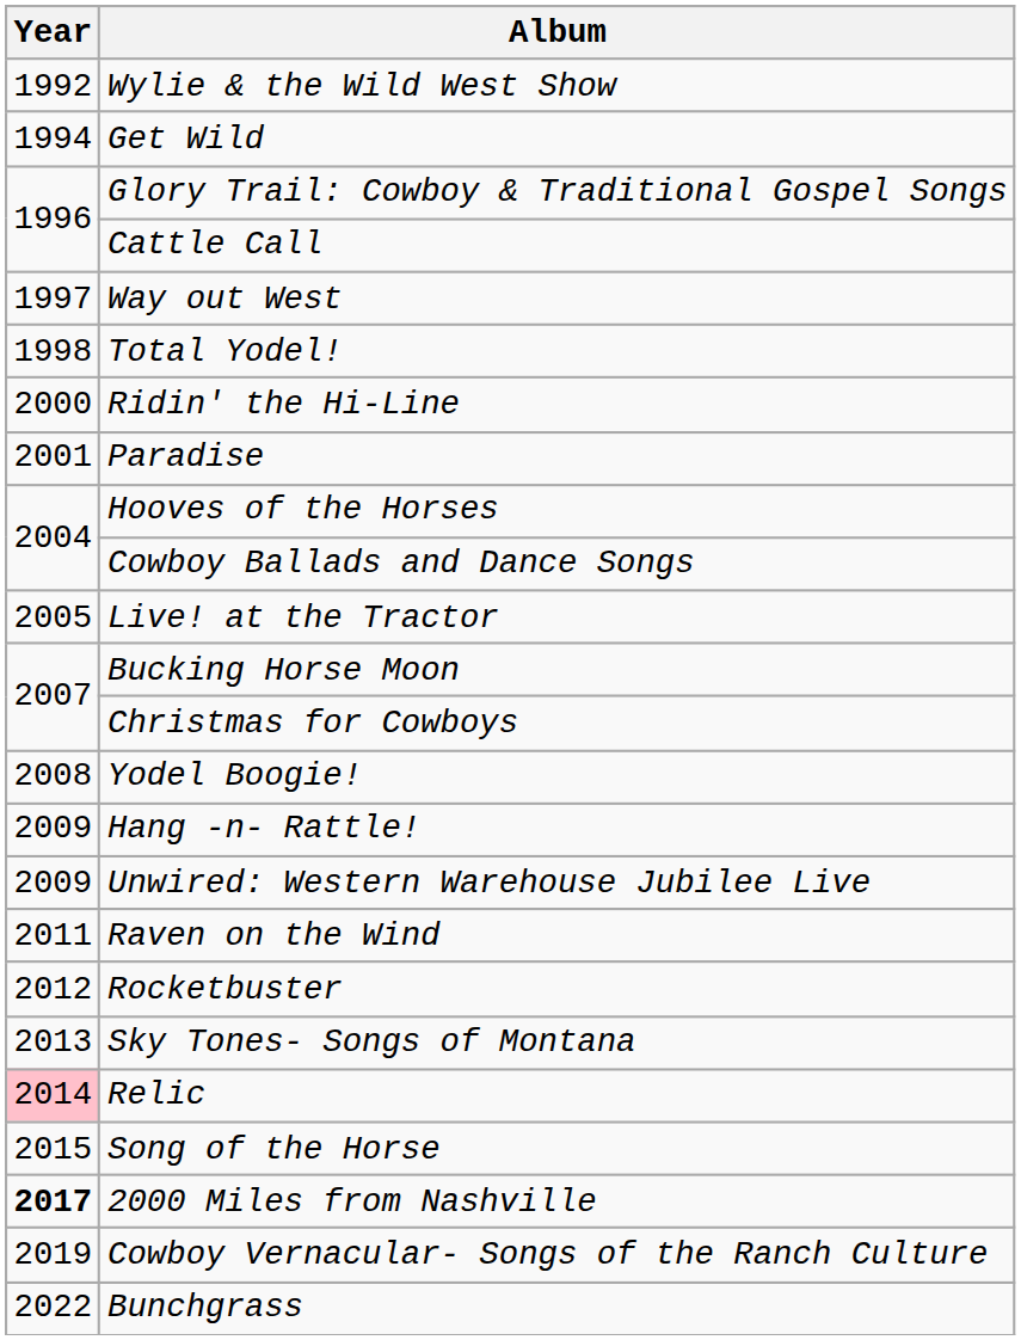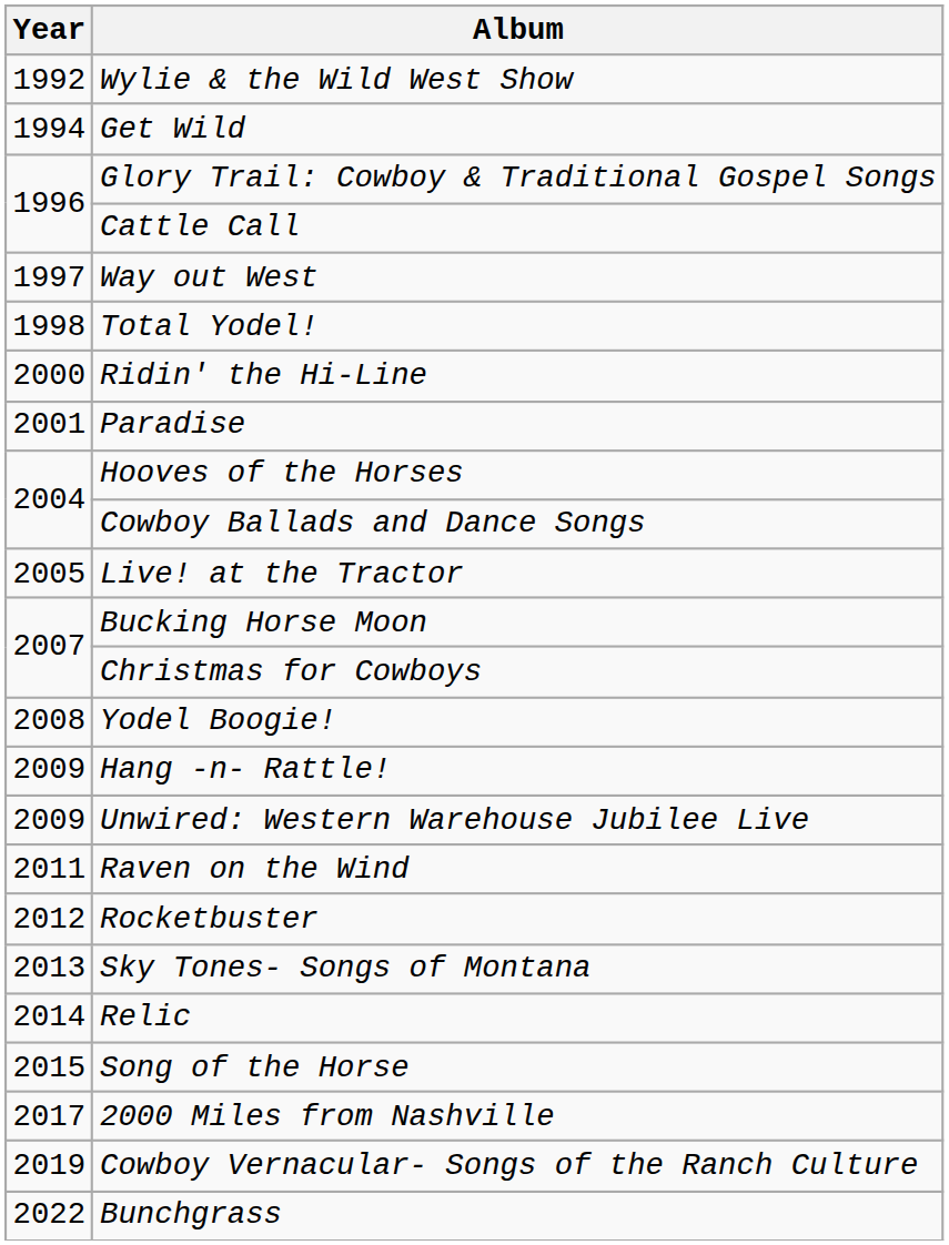 <table class="wikitable">
 <tr>
 <th>Year</th>
 <th>Album</th>
 </tr>
 <tr>
 <td>1992</td>
 <td><em>Wylie & the Wild West Show</em></td>
 </tr>
 <tr>
 <td>1994</td>
 <td><em>Get Wild</em></td>
 </tr>
 <tr>
 <td rowspan="2">1996</td>
 <td><em>Glory Trail: Cowboy & Traditional Gospel Songs</em></td>
 </tr>
 <tr>
 <td><em>Cattle Call</em></td>
 </tr>
 <tr>
 <td>1997</td>
 <td><em>Way out West</em></td>
 </tr>
 <tr>
 <td>1998</td>
 <td><em>Total Yodel!</em></td>
 </tr>
 <tr>
 <td>2000</td>
 <td><em>Ridin' the Hi-Line</em></td>
 </tr>
 <tr>
 <td>2001</td>
 <td><em>Paradise</em></td>
 </tr>
 <tr>
 <td rowspan="2">2004</td>
 <td><em>Hooves of the Horses</em></td>
 </tr>
 <tr>
 <td><em>Cowboy Ballads and Dance Songs</em></td>
 </tr>
 <tr>
 <td>2005</td>
 <td><em>Live! at the Tractor</em></td>
 </tr>
 <tr>
 <td rowspan="2">2007</td>
 <td><em>Bucking Horse Moon</em></td>
 </tr>
 <tr>
 <td><em>Christmas for Cowboys</em></td>
 </tr>
 <tr>
 <td>2008</td>
 <td><em>Yodel Boogie!</em></td>
 </tr>
 <tr>
 <td>2009</td>
 <td><em>Hang -n- Rattle!</em></td>
 </tr>
 <tr>
 <td>2009</td>
 <td><em>Unwired: Western Warehouse Jubilee Live</em></td>
 </tr>
 <tr>
 <td>2011</td>
 <td><em>Raven on the Wind</em></td>
 </tr>
 <tr>
 <td>2012</td>
 <td><em>Rocketbuster</em></td>
 </tr>
 <tr>
 <td>2013</td>
 <td><em>Sky Tones- Songs of Montana</em></td>
 </tr>
 <tr>
-<td style="background: pink;">2014</td>
+<td>2014</td>
 <td><em>Relic</em></td>
 </tr>
 <tr>
 <td>2015</td>
 <td><em>Song of the Horse</em></td>
 </tr>
 <tr>
-<td><strong>2017</strong></td>
+<td>2017</td>
 <td><em>2000 Miles from Nashville</em></td>
 </tr>
 <tr>
 <td>2019</td>
 <td><em>Cowboy Vernacular- Songs of the Ranch Culture</em></td>
 </tr>
 <tr>
 <td>2022</td>
 <td><em>Bunchgrass</em></td>
 </tr>
 </table>
